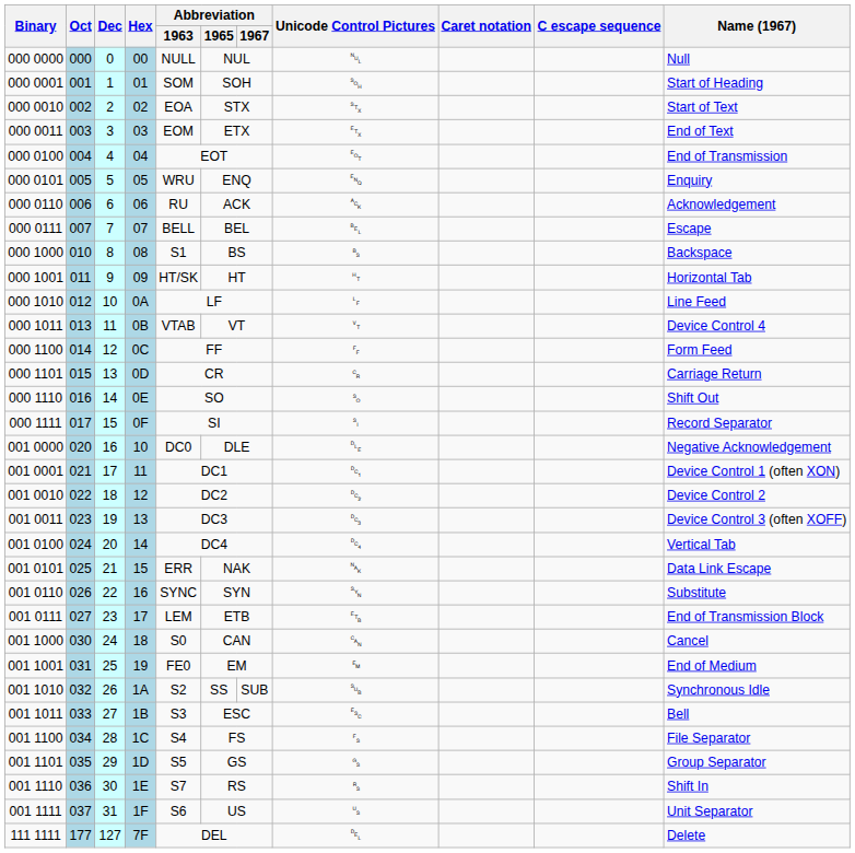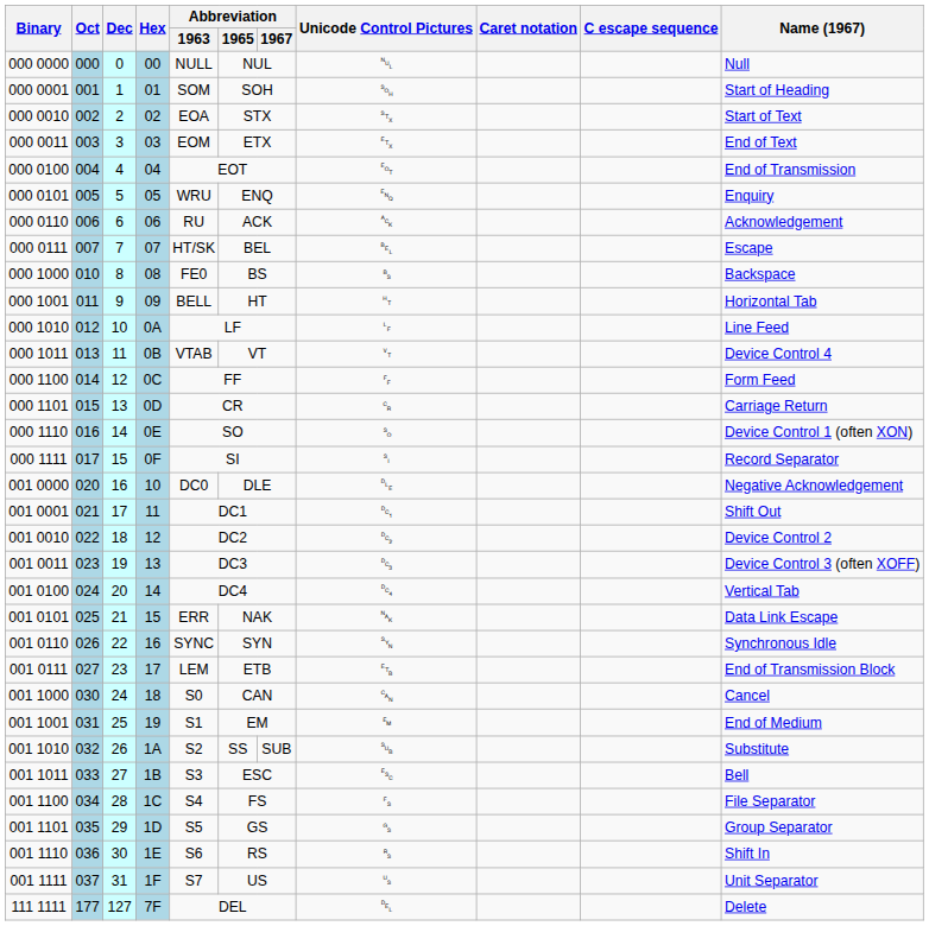 <table class="wikitable sortable" style="text-align: center">
 <tr>
 <th rowspan="2"><a href='#'>Binary</a></th>
 <th rowspan="2"><a href='#'>Oct</a></th>
 <th rowspan="2"><a href='#'>Dec</a></th>
 <th rowspan="2" class=unsortable><a href='#'>Hex</a></th>
 <th colspan="3">Abbreviation</th>
 <th rowspan="2" class=unsortable>Unicode <a href='#'>Control Pictures</a></th>
 <th rowspan="2"><a href='#'>Caret notation</a></th>
 <th rowspan="2"><a href='#'>C escape sequence</a></th>
 <th rowspan="2">Name (1967)</th>
 </tr>
 <tr>
 <th>1963</th>
 <th>1965</th>
 <th>1967</th>
 </tr>
 <tr>
 <td>000 0000</td>
 <td style="background:lightblue;">000</td>
 <td style="background:#CFF;">0</td>
 <td style="background:lightblue;">00</td>
 <td>NULL</td>
 <td colspan=2>NUL</td>
 <td style="font-size:large;">␀</td>
 <td></td>
 <td></td>
 <td style="text-align:left;"><a href='#'>Null</a></td>
 </tr>
 <tr>
 <td>000 0001</td>
 <td style="background:lightblue;">001</td>
 <td style="background:#CFF;">1</td>
 <td style="background:lightblue;">01</td>
 <td>SOM</td>
 <td colspan=2>SOH</td>
 <td style="font-size:large;">␁</td>
 <td></td>
 <td></td>
 <td style="text-align:left;"><a href='#'>Start of Heading</a></td>
 </tr>
 <tr>
 <td>000 0010</td>
 <td style="background:lightblue;">002</td>
 <td style="background:#CFF;">2</td>
 <td style="background:lightblue;">02</td>
 <td>EOA</td>
 <td colspan=2>STX</td>
 <td style="font-size:large;">␂</td>
 <td></td>
 <td></td>
 <td style="text-align:left;"><a href='#'>Start of Text</a></td>
 </tr>
 <tr>
 <td>000 0011</td>
 <td style="background:lightblue;">003</td>
 <td style="background:#CFF;">3</td>
 <td style="background:lightblue;">03</td>
 <td>EOM</td>
 <td colspan=2>ETX</td>
 <td style="font-size:large;">␃</td>
 <td></td>
 <td></td>
 <td style="text-align:left;"><a href='#'>End of Text</a></td>
 </tr>
 <tr>
 <td>000 0100</td>
 <td style="background:lightblue;">004</td>
 <td style="background:#CFF;">4</td>
 <td style="background:lightblue;">04<br></td>
 <td colspan=3>EOT</td>
 <td style="font-size:large;">␄</td>
 <td></td>
 <td></td>
 <td style="text-align:left;"><a href='#'>End of Transmission</a></td>
 </tr>
 <tr>
 <td>000 0101</td>
 <td style="background:lightblue;">005</td>
 <td style="background:#CFF;">5</td>
 <td style="background:lightblue;">05<br></td>
 <td>WRU</td>
 <td colspan=2>ENQ</td>
 <td style="font-size:large;">␅</td>
 <td></td>
 <td></td>
 <td style="text-align:left;"><a href='#'>Enquiry</a></td>
 </tr>
 <tr>
 <td>000 0110</td>
 <td style="background:lightblue;">006</td>
 <td style="background:#CFF;">6</td>
 <td style="background:lightblue;">06</td>
 <td>RU</td>
 <td colspan=2>ACK</td>
 <td style="font-size:large;">␆</td>
 <td></td>
 <td></td>
 <td style="text-align:left;"><a href='#'>Acknowledgement</a></td>
 </tr>
 <tr>
 <td>000 0111</td>
 <td style="background:lightblue;">007</td>
 <td style="background:#CFF;">7</td>
 <td style="background:lightblue;">07</td>
-<td>BELL</td>
+<td>HT/SK</td>
 <td colspan=2>BEL</td>
 <td style="font-size:large;">␇</td>
 <td></td>
 <td></td>
 <td style="text-align:left;"><a href='#'>Escape</a></td>
 </tr>
 <tr>
 <td>000 1000</td>
 <td style="background:lightblue;">010</td>
 <td style="background:#CFF;">8</td>
 <td style="background:lightblue;">08</td>
-<td>S1</td>
+<td>FE0</td>
 <td colspan=2>BS</td>
 <td style="font-size:large;">␈</td>
 <td></td>
 <td></td>
 <td style="text-align:left;"><a href='#'>Backspace</a></td>
 </tr>
 <tr>
 <td>000 1001</td>
 <td style="background:lightblue;">011</td>
 <td style="background:#CFF;">9</td>
 <td style="background:lightblue;">09</td>
-<td>HT/SK</td>
+<td>BELL</td>
 <td colspan=2>HT</td>
 <td style="font-size:large;">␉</td>
 <td></td>
 <td></td>
 <td style="text-align:left;"><a href='#'>Horizontal Tab</a></td>
 </tr>
 <tr>
 <td>000 1010</td>
 <td style="background:lightblue;">012</td>
 <td style="background:#CFF;">10</td>
 <td style="background:lightblue;">0A</td>
 <td colspan=3>LF</td>
 <td style="font-size:large;">␊</td>
 <td></td>
 <td></td>
 <td style="text-align:left;"><a href='#'>Line Feed</a></td>
 </tr>
 <tr>
 <td>000 1011</td>
 <td style="background:lightblue;">013</td>
 <td style="background:#CFF;">11</td>
 <td style="background:lightblue;">0B</td>
 <td>VTAB</td>
 <td colspan=2>VT</td>
 <td style="font-size:large;">␋</td>
 <td></td>
 <td></td>
 <td style="text-align:left;"><a href='#'>Device Control 4</a></td>
 </tr>
 <tr>
 <td>000 1100</td>
 <td style="background:lightblue;">014</td>
 <td style="background:#CFF;">12</td>
 <td style="background:lightblue;">0C</td>
 <td colspan=3>FF</td>
 <td style="font-size:large;">␌</td>
 <td></td>
 <td></td>
 <td style="text-align:left;"><a href='#'>Form Feed</a></td>
 </tr>
 <tr>
 <td>000 1101</td>
 <td style="background:lightblue;">015</td>
 <td style="background:#CFF;">13</td>
 <td style="background:lightblue;">0D</td>
 <td colspan=3>CR</td>
 <td style="font-size:large;">␍</td>
 <td></td>
 <td></td>
 <td style="text-align:left;"><a href='#'>Carriage Return</a></td>
 </tr>
 <tr>
 <td>000 1110</td>
 <td style="background:lightblue;">016</td>
 <td style="background:#CFF;">14</td>
 <td style="background:lightblue;">0E</td>
 <td colspan=3>SO</td>
 <td style="font-size:large;">␎</td>
 <td></td>
 <td></td>
-<td style="text-align:left;"><a href='#'>Shift Out</a></td>
+<td style="text-align:left;"><a href='#'>Device Control 1</a> (often <a href='#'>XON</a>)</td>
 </tr>
 <tr>
 <td>000 1111</td>
 <td style="background:lightblue;">017</td>
 <td style="background:#CFF;">15</td>
 <td style="background:lightblue;">0F</td>
 <td colspan=3>SI</td>
 <td style="font-size:large;">␏</td>
 <td></td>
 <td></td>
 <td style="text-align:left;"><a href='#'>Record Separator</a></td>
 </tr>
 <tr>
 <td>001 0000</td>
 <td style="background:lightblue;">020</td>
 <td style="background:#CFF;">16</td>
 <td style="background:lightblue;">10</td>
 <td>DC0</td>
 <td colspan=2>DLE</td>
 <td style="font-size:large;">␐</td>
 <td></td>
 <td></td>
 <td style="text-align:left;"><a href='#'>Negative Acknowledgement</a></td>
 </tr>
 <tr>
 <td>001 0001</td>
 <td style="background:lightblue;">021</td>
 <td style="background:#CFF;">17</td>
 <td style="background:lightblue;">11</td>
 <td colspan=3>DC1</td>
 <td style="font-size:large;">␑</td>
 <td></td>
 <td></td>
-<td style="text-align:left;"><a href='#'>Device Control 1</a> (often <a href='#'>XON</a>)</td>
+<td style="text-align:left;"><a href='#'>Shift Out</a></td>
 </tr>
 <tr>
 <td>001 0010</td>
 <td style="background:lightblue;">022</td>
 <td style="background:#CFF;">18</td>
 <td style="background:lightblue;">12</td>
 <td colspan=3>DC2</td>
 <td style="font-size:large;">␒</td>
 <td></td>
 <td></td>
 <td style="text-align:left;"><a href='#'>Device Control 2</a></td>
 </tr>
 <tr>
 <td>001 0011</td>
 <td style="background:lightblue;">023</td>
 <td style="background:#CFF;">19</td>
 <td style="background:lightblue;">13</td>
 <td colspan=3>DC3</td>
 <td style="font-size:large;">␓</td>
 <td></td>
 <td></td>
 <td style="text-align:left;"><a href='#'>Device Control 3</a> (often <a href='#'>XOFF</a>)</td>
 </tr>
 <tr>
 <td>001 0100</td>
 <td style="background:lightblue;">024</td>
 <td style="background:#CFF;">20</td>
 <td style="background:lightblue;">14</td>
 <td colspan=3>DC4</td>
 <td style="font-size:large;">␔</td>
 <td></td>
 <td></td>
 <td style="text-align:left;"><a href='#'>Vertical Tab</a></td>
 </tr>
 <tr>
 <td>001 0101</td>
 <td style="background:lightblue;">025</td>
 <td style="background:#CFF;">21</td>
 <td style="background:lightblue;">15</td>
 <td>ERR</td>
 <td colspan=2>NAK</td>
 <td style="font-size:large;">␕</td>
 <td></td>
 <td></td>
 <td style="text-align:left;"><a href='#'>Data Link Escape</a></td>
 </tr>
 <tr>
 <td>001 0110</td>
 <td style="background:lightblue;">026</td>
 <td style="background:#CFF;">22</td>
 <td style="background:lightblue;">16</td>
 <td>SYNC</td>
 <td colspan=2>SYN</td>
 <td style="font-size:large;">␖</td>
 <td></td>
 <td></td>
-<td style="text-align:left;"><a href='#'>Substitute</a></td>
+<td style="text-align:left;"><a href='#'>Synchronous Idle</a></td>
 </tr>
 <tr>
 <td>001 0111</td>
 <td style="background:lightblue;">027</td>
 <td style="background:#CFF;">23</td>
 <td style="background:lightblue;">17</td>
 <td>LEM</td>
 <td colspan=2>ETB</td>
 <td style="font-size:large;">␗</td>
 <td></td>
 <td></td>
 <td style="text-align:left;"><a href='#'>End of Transmission Block</a></td>
 </tr>
 <tr>
 <td>001 1000</td>
 <td style="background:lightblue;">030</td>
 <td style="background:#CFF;">24</td>
 <td style="background:lightblue;">18</td>
 <td>S0</td>
 <td colspan=2>CAN</td>
 <td style="font-size:large;">␘</td>
 <td></td>
 <td></td>
 <td style="text-align:left;"><a href='#'>Cancel</a></td>
 </tr>
 <tr>
 <td>001 1001</td>
 <td style="background:lightblue;">031</td>
 <td style="background:#CFF;">25</td>
 <td style="background:lightblue;">19</td>
-<td>FE0</td>
+<td>S1</td>
 <td colspan=2>EM</td>
 <td style="font-size:large;">␙</td>
 <td></td>
 <td></td>
 <td style="text-align:left;"><a href='#'>End of Medium</a></td>
 </tr>
 <tr>
 <td>001 1010</td>
 <td style="background:lightblue;">032</td>
 <td style="background:#CFF;">26</td>
 <td style="background:lightblue;">1A</td>
 <td>S2</td>
 <td>SS</td>
 <td>SUB</td>
 <td style="font-size:large;">␚</td>
 <td></td>
 <td></td>
-<td style="text-align:left;"><a href='#'>Synchronous Idle</a></td>
+<td style="text-align:left;"><a href='#'>Substitute</a></td>
 </tr>
 <tr>
 <td>001 1011</td>
 <td style="background:lightblue;">033</td>
 <td style="background:#CFF;">27</td>
 <td style="background:lightblue;">1B</td>
 <td>S3</td>
 <td colspan=2>ESC</td>
 <td style="font-size:large;">␛</td>
 <td></td>
 <td></td>
 <td style="text-align:left;"><a href='#'>Bell</a></td>
 </tr>
 <tr>
 <td>001 1100</td>
 <td style="background:lightblue;">034</td>
 <td style="background:#CFF;">28</td>
 <td style="background:lightblue;">1C</td>
 <td>S4</td>
 <td colspan=2>FS</td>
 <td style="font-size:large;">␜</td>
 <td></td>
 <td></td>
 <td style="text-align:left;"><a href='#'>File Separator</a></td>
 </tr>
 <tr>
 <td>001 1101</td>
 <td style="background:lightblue;">035</td>
 <td style="background:#CFF;">29</td>
 <td style="background:lightblue;">1D</td>
 <td>S5</td>
 <td colspan=2>GS</td>
 <td style="font-size:large;">␝</td>
 <td></td>
 <td></td>
 <td style="text-align:left;"><a href='#'>Group Separator</a></td>
 </tr>
 <tr>
 <td>001 1110</td>
 <td style="background:lightblue;">036</td>
 <td style="background:#CFF;">30</td>
 <td style="background:lightblue;">1E</td>
-<td>S7</td>
+<td>S6</td>
 <td colspan=2>RS</td>
 <td style="font-size:large;">␞</td>
 <td></td>
 <td></td>
 <td style="text-align:left;"><a href='#'>Shift In</a></td>
 </tr>
 <tr>
 <td>001 1111</td>
 <td style="background:lightblue;">037</td>
 <td style="background:#CFF;">31</td>
 <td style="background:lightblue;">1F</td>
-<td>S6</td>
+<td>S7</td>
 <td colspan=2>US</td>
 <td style="font-size:large;">␟</td>
 <td></td>
 <td></td>
 <td style="text-align:left;"><a href='#'>Unit Separator</a></td>
 </tr>
 <tr>
 <td>111 1111</td>
 <td style="background:lightblue;">177</td>
 <td style="background:#CFF;">127</td>
 <td style="background:lightblue;">7F</td>
 <td colspan=3>DEL</td>
 <td style="font-size:large;">␡</td>
 <td></td>
 <td></td>
 <td style="text-align:left;"><a href='#'>Delete</a></td>
 </tr>
 </table>
